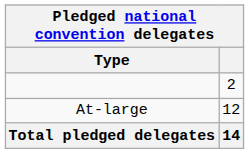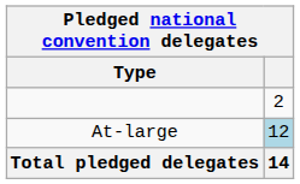 <table class="wikitable sortable" style="font-size:90%;text-align:center;float:right;padding:5px;">
 <tr>
 <th colspan="2">Pledged <a href='#'>national<br>convention</a> delegates</th>
 </tr>
 <tr>
 <th>Type</th>
 <th></th>
 </tr>
 <tr>
 <td></td>
 <td>2</td>
 </tr>
 <tr>
 <td>At-large</td>
-<td>12</td>
+<td style="background: lightblue;">12</td>
 </tr>
 <tr>
 <th>Total pledged delegates</th>
 <th>14</th>
 </tr>
 </table>
